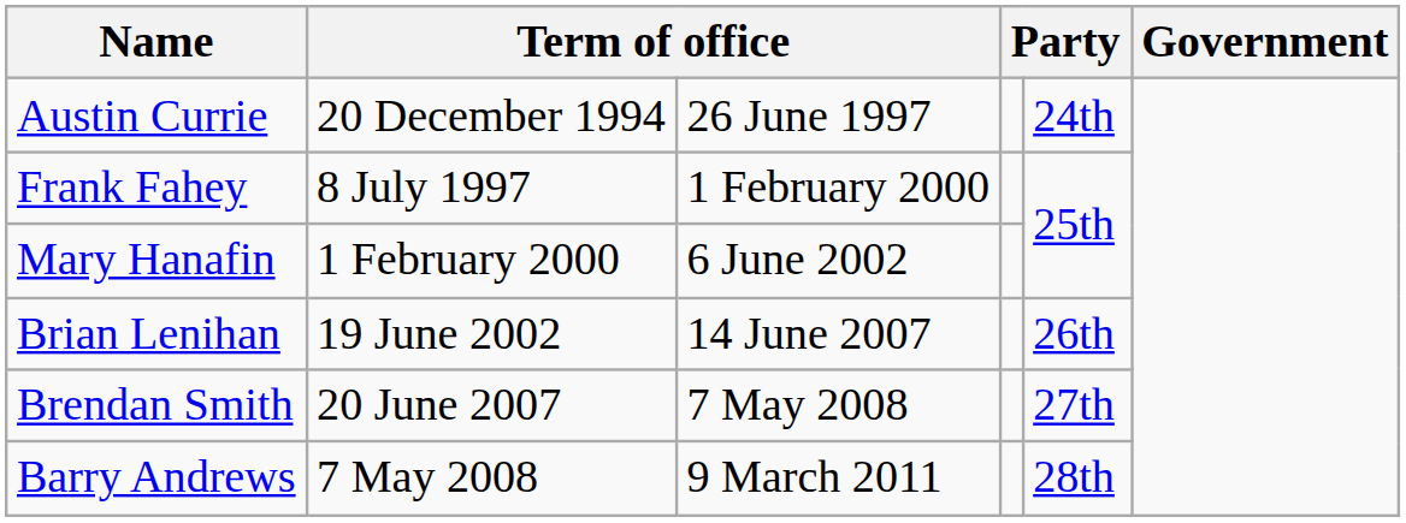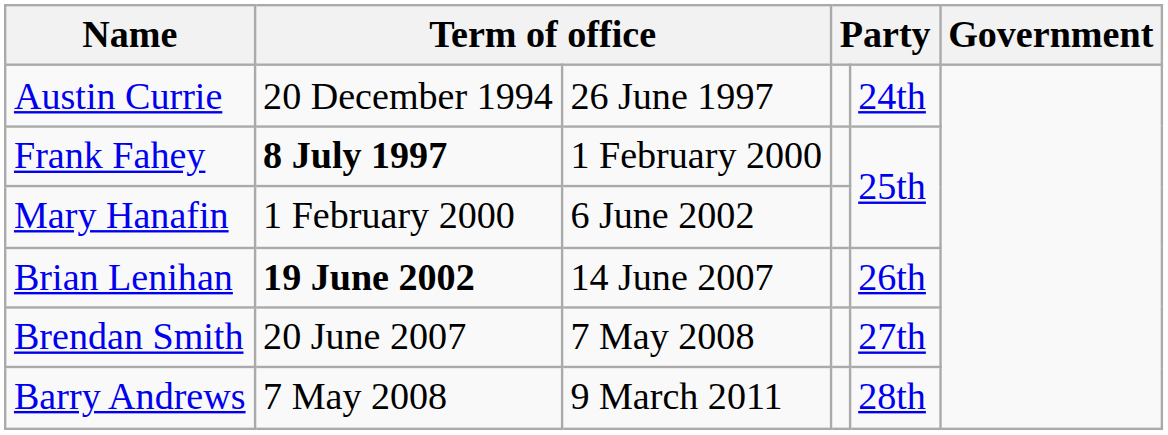 <table class="wikitable">
 <tr>
 <th>Name</th>
 <th colspan="2">Term of office</th>
 <th colspan="2">Party</th>
 <th>Government</th>
 </tr>
 <tr>
 <td><a href='#'>Austin Currie</a></td>
 <td>20 December 1994</td>
 <td>26 June 1997</td>
 <td></td>
 <td><a href='#'>24th</a></td>
 </tr>
 <tr>
 <td><a href='#'>Frank Fahey</a></td>
-<td>8 July 1997</td>
+<td><strong>8 July 1997</strong></td>
 <td>1 February 2000</td>
 <td></td>
 <td rowspan=2><a href='#'>25th</a></td>
 </tr>
 <tr>
 <td><a href='#'>Mary Hanafin</a></td>
 <td>1 February 2000</td>
 <td>6 June 2002</td>
 <td></td>
 </tr>
 <tr>
 <td><a href='#'>Brian Lenihan</a></td>
-<td>19 June 2002</td>
+<td><strong>19 June 2002</strong></td>
 <td>14 June 2007</td>
 <td></td>
 <td><a href='#'>26th</a></td>
 </tr>
 <tr>
 <td><a href='#'>Brendan Smith</a></td>
 <td>20 June 2007</td>
 <td>7 May 2008</td>
 <td></td>
 <td><a href='#'>27th</a></td>
 </tr>
 <tr>
 <td><a href='#'>Barry Andrews</a></td>
 <td>7 May 2008</td>
 <td>9 March 2011</td>
 <td></td>
 <td><a href='#'>28th</a></td>
 </tr>
 </table>
